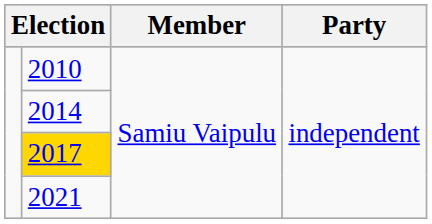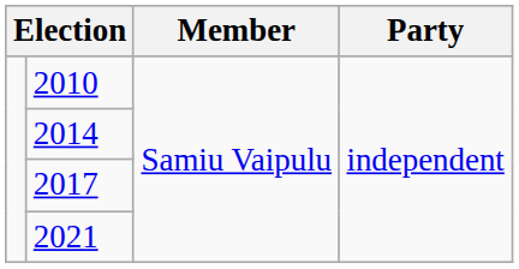 <table class="wikitable">
 <tr>
 <th colspan="2">Election</th>
 <th>Member</th>
 <th>Party</th>
 </tr>
 <tr>
 <td rowspan="4" style="background-color: "></td>
 <td><a href='#'>2010</a></td>
 <td rowspan="4"><a href='#'>Samiu Vaipulu</a></td>
 <td rowspan="4"><a href='#'>independent</a></td>
 </tr>
 <tr>
 <td><a href='#'>2014</a></td>
 </tr>
 <tr>
-<td style="background: gold;"><a href='#'>2017</a></td>
+<td><a href='#'>2017</a></td>
 </tr>
 <tr>
 <td><a href='#'>2021</a></td>
 </tr>
 </table>
